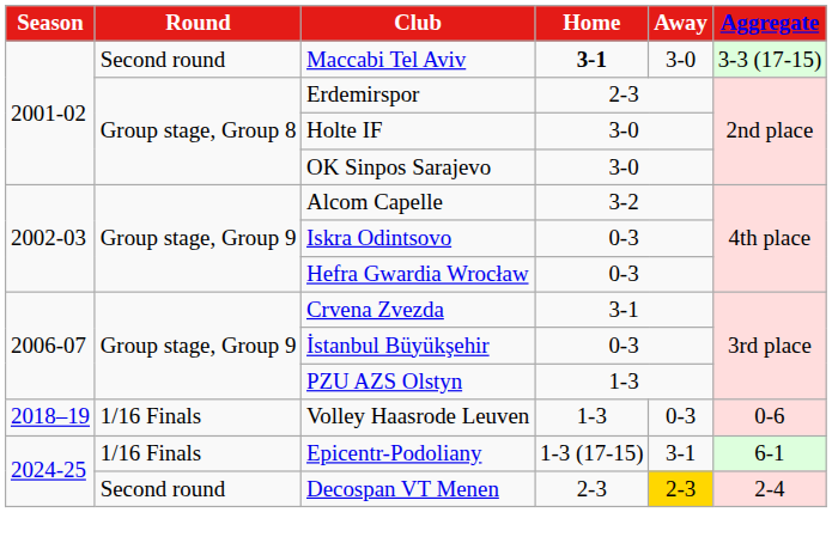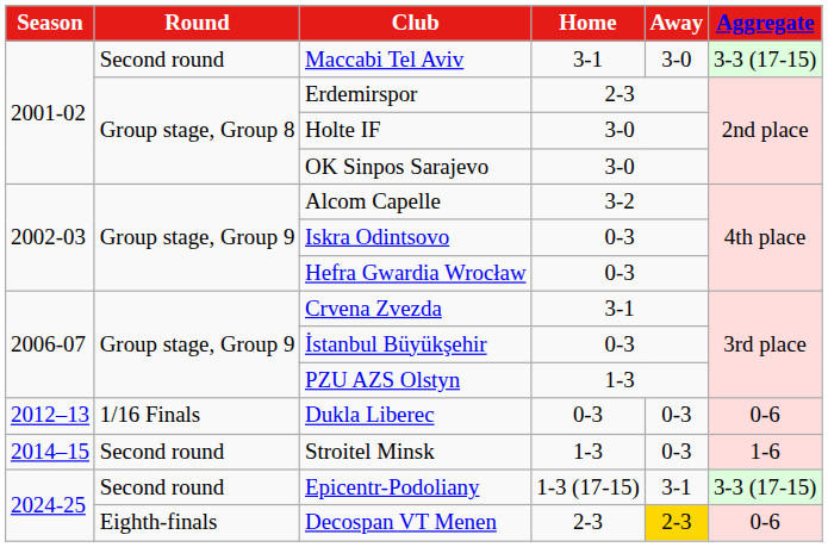 <table class="wikitable">
 <tr>
 <th style="color:white; background:#E41B17;">Season</th>
 <th style="color:white; background:#E41B17;">Round</th>
 <th style="color:white; background:#E41B17;">Club</th>
 <th style="color:white; background:#E41B17;">Home</th>
 <th style="color:white; background:#E41B17;">Away</th>
 <th style="color:white; background:#E41B17;"><a href='#'>Aggregate</a></th>
 </tr>
 <tr>
 <td rowspan="4">2001-02</td>
 <td>Second round</td>
 <td><a href='#'>Maccabi Tel Aviv</a></td>
-<td style="text-align:center"><strong>3-1</strong></td>
+<td style="text-align:center">3-1</td>
 <td style="text-align:center">3-0</td>
 <td style="text-align:center; background:#dfd;">3-3 (17-15)</td>
 </tr>
 <tr>
 <td rowspan="3">Group stage, Group 8</td>
 <td>Erdemirspor</td>
 <td colspan="2" style="text-align:center">2-3</td>
 <td rowspan="3" style="text-align:center; background:#fdd;">2nd place</td>
 </tr>
 <tr>
 <td>Holte IF</td>
 <td colspan="2" style="text-align:center">3-0</td>
 </tr>
 <tr>
 <td>OK Sinpos Sarajevo</td>
 <td colspan="2" style="text-align:center">3-0</td>
 </tr>
 <tr>
 <td rowspan="3">2002-03</td>
 <td rowspan="3">Group stage, Group 9</td>
 <td>Alcom Capelle</td>
 <td colspan="2" style="text-align:center">3-2</td>
 <td rowspan="3" style="text-align:center; background:#fdd;">4th place</td>
 </tr>
 <tr>
 <td><a href='#'>Iskra Odintsovo</a></td>
 <td colspan="2" style="text-align:center">0-3</td>
 </tr>
 <tr>
 <td><a href='#'>Hefra Gwardia Wrocław</a></td>
 <td colspan="2" style="text-align:center">0-3</td>
 </tr>
 <tr>
 <td rowspan="3">2006-07</td>
 <td rowspan="3">Group stage, Group 9</td>
 <td><a href='#'>Crvena Zvezda</a></td>
 <td colspan="2" style="text-align:center">3-1</td>
 <td rowspan="3" style="text-align:center; background:#fdd;">3rd place</td>
 </tr>
 <tr>
 <td><a href='#'>İstanbul Büyükşehir</a></td>
 <td colspan="2" style="text-align:center">0-3</td>
 </tr>
 <tr>
 <td><a href='#'>PZU AZS Olstyn</a></td>
 <td colspan="2" style="text-align:center">1-3</td>
 </tr>
 <tr>
-<td><a href='#'>2018–19</a></td>
+<td><a href='#'>2012–13</a></td>
 <td>1/16 Finals</td>
-<td>Volley Haasrode Leuven</td>
-<td style="text-align:center">1-3</td>
+<td><a href='#'>Dukla Liberec</a></td>
+<td style="text-align:center">0-3</td>
 <td style="text-align:center">0-3</td>
 <td style="text-align:center; background:#fdd;">0-6</td>
 </tr>
 <tr>
+<td><a href='#'>2014–15</a></td>
+<td>Second round</td>
+<td>Stroitel Minsk</td>
+<td style="text-align:center">1-3</td>
+<td style="text-align:center">0-3</td>
+<td style="text-align:center; background:#fdd;">1-6</td>
+</tr>
+<tr>
 <td rowspan="2"><a href='#'>2024-25</a></td>
-<td>1/16 Finals</td>
+<td>Second round</td>
 <td><a href='#'>Epicentr-Podoliany</a></td>
 <td style="text-align:center">1-3 (17-15)</td>
 <td style="text-align:center">3-1</td>
-<td style="text-align:center; background:#dfd;">6-1</td>
+<td style="text-align:center; background:#dfd;">3-3 (17-15)</td>
 </tr>
 <tr>
-<td>Second round</td>
+<td>Eighth-finals</td>
 <td><a href='#'>Decospan VT Menen</a></td>
 <td style="text-align:center">2-3</td>
 <td style="background: gold; text-align:center">2-3</td>
-<td style="text-align:center; background:#fdd;">2-4</td>
+<td style="text-align:center; background:#fdd;">0-6</td>
 </tr>
 </table>
